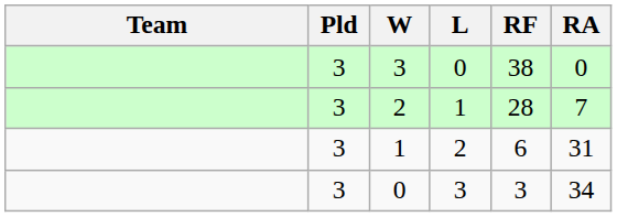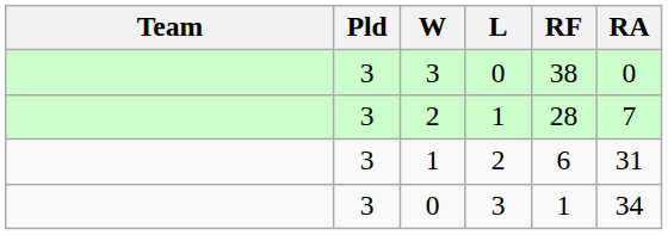 <table class="wikitable" style="text-align: center;">
 <tr>
 <th width="180">Team</th>
 <th width="30">Pld</th>
 <th width="30">W</th>
 <th width="30">L</th>
 <th width="30">RF</th>
 <th width="30">RA</th>
 </tr>
 <tr bgcolor=ccffcc>
 <td style="text-align:left"></td>
 <td>3</td>
 <td>3</td>
 <td>0</td>
 <td>38</td>
 <td>0</td>
 </tr>
 <tr bgcolor=ccffcc>
 <td style="text-align:left"></td>
 <td>3</td>
 <td>2</td>
 <td>1</td>
 <td>28</td>
 <td>7</td>
 </tr>
 <tr>
 <td style="text-align:left"></td>
 <td>3</td>
 <td>1</td>
 <td>2</td>
 <td>6</td>
 <td>31</td>
 </tr>
 <tr>
 <td style="text-align:left"></td>
 <td>3</td>
 <td>0</td>
 <td>3</td>
-<td>3</td>
+<td>1</td>
 <td>34</td>
 </tr>
 </table>
